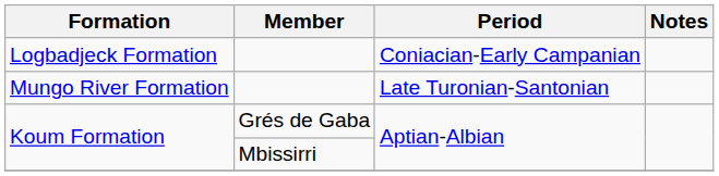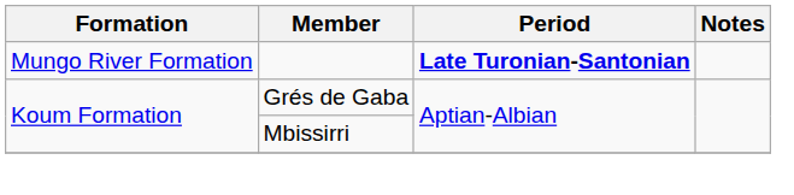 <table class="wikitable sortable">
 <tr>
 <th>Formation</th>
 <th>Member</th>
 <th>Period</th>
 <th class="unsortable">Notes</th>
 </tr>
 <tr>
-<td><a href='#'>Logbadjeck Formation</a></td>
-<td></td>
-<td style="background-color: "><a href='#'>Coniacian</a>-<a href='#'>Early Campanian</a></td>
-<td align=center></td>
-</tr>
-<tr>
 <td><a href='#'>Mungo River Formation</a></td>
 <td></td>
-<td style="background-color: "><a href='#'>Late Turonian</a>-<a href='#'>Santonian</a></td>
+<td style="background-color: "><strong><a href='#'>Late Turonian</a>-<a href='#'>Santonian</a></strong></td>
 <td align=center></td>
 </tr>
 <tr>
 <td rowspan=2><a href='#'>Koum Formation</a></td>
 <td>Grés de Gaba</td>
 <td rowspan=2 style="background-color: "><a href='#'>Aptian</a>-<a href='#'>Albian</a></td>
 <td rowspan=2 align=center></td>
 </tr>
 <tr>
 <td>Mbissirri</td>
 </tr>
 <tr>
 </tr>
 </table>
